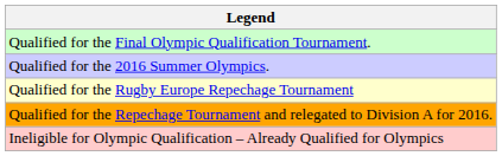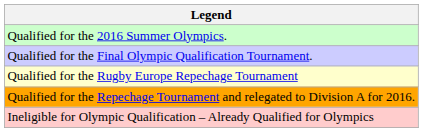 <table class="wikitable">
 <tr>
 <th>Legend</th>
 </tr>
 <tr bgcolor=ccffcc>
-<td>Qualified for the <a href='#'>Final Olympic Qualification Tournament</a>.</td>
+<td>Qualified for the <a href='#'>2016 Summer Olympics</a>.</td>
 </tr>
 <tr bgcolor=ccccff>
-<td>Qualified for the <a href='#'>2016 Summer Olympics</a>.</td>
+<td>Qualified for the <a href='#'>Final Olympic Qualification Tournament</a>.</td>
 </tr>
 <tr bgcolor=ffffcc>
 <td>Qualified for the <a href='#'>Rugby Europe Repechage Tournament</a></td>
 </tr>
 <tr bgcolor=FFA500>
 <td>Qualified for the <a href='#'>Repechage Tournament</a> and relegated to Division A for 2016.</td>
 </tr>
 <tr bgcolor=ffcccc>
 <td>Ineligible for Olympic Qualification – Already Qualified for Olympics</td>
 </tr>
 </table>
